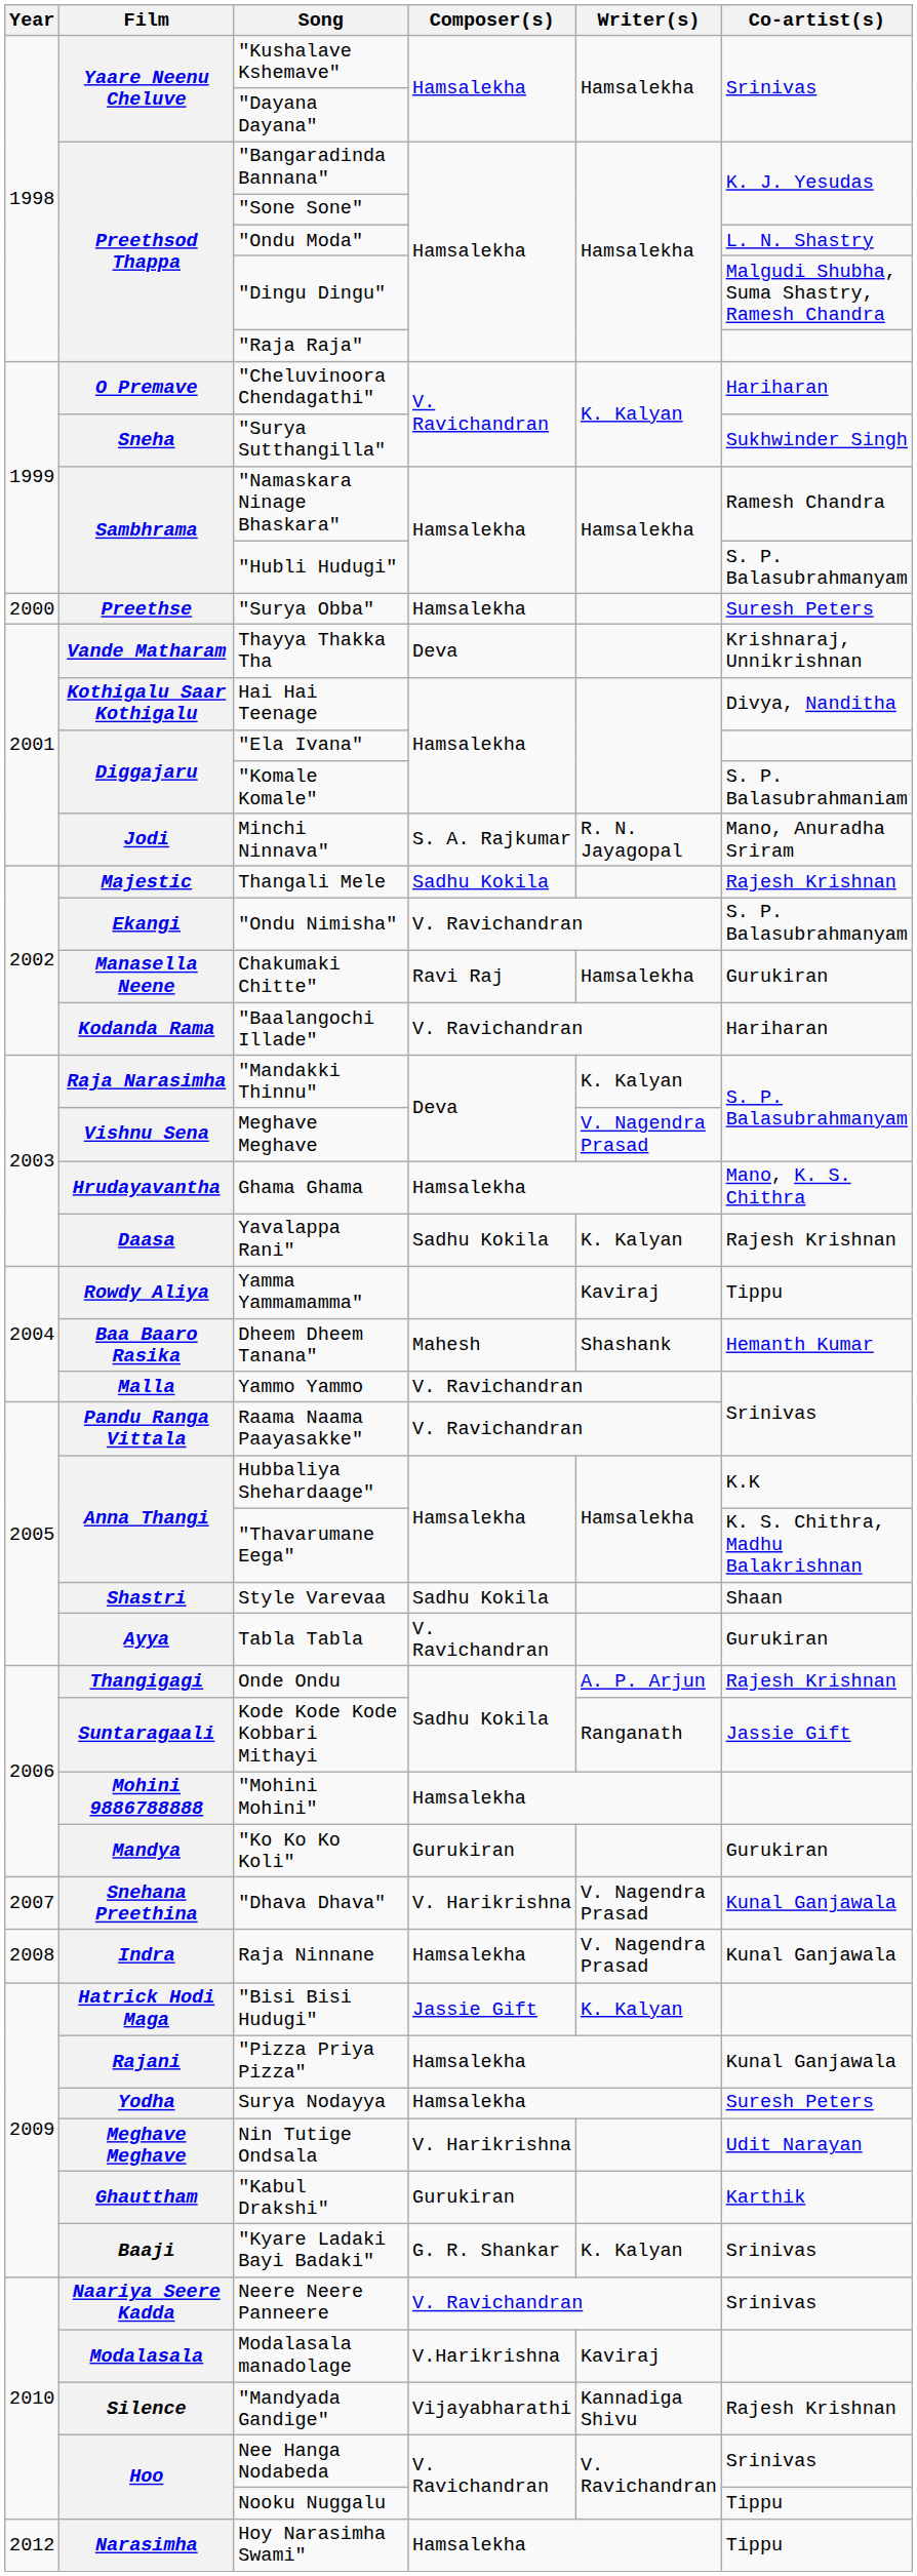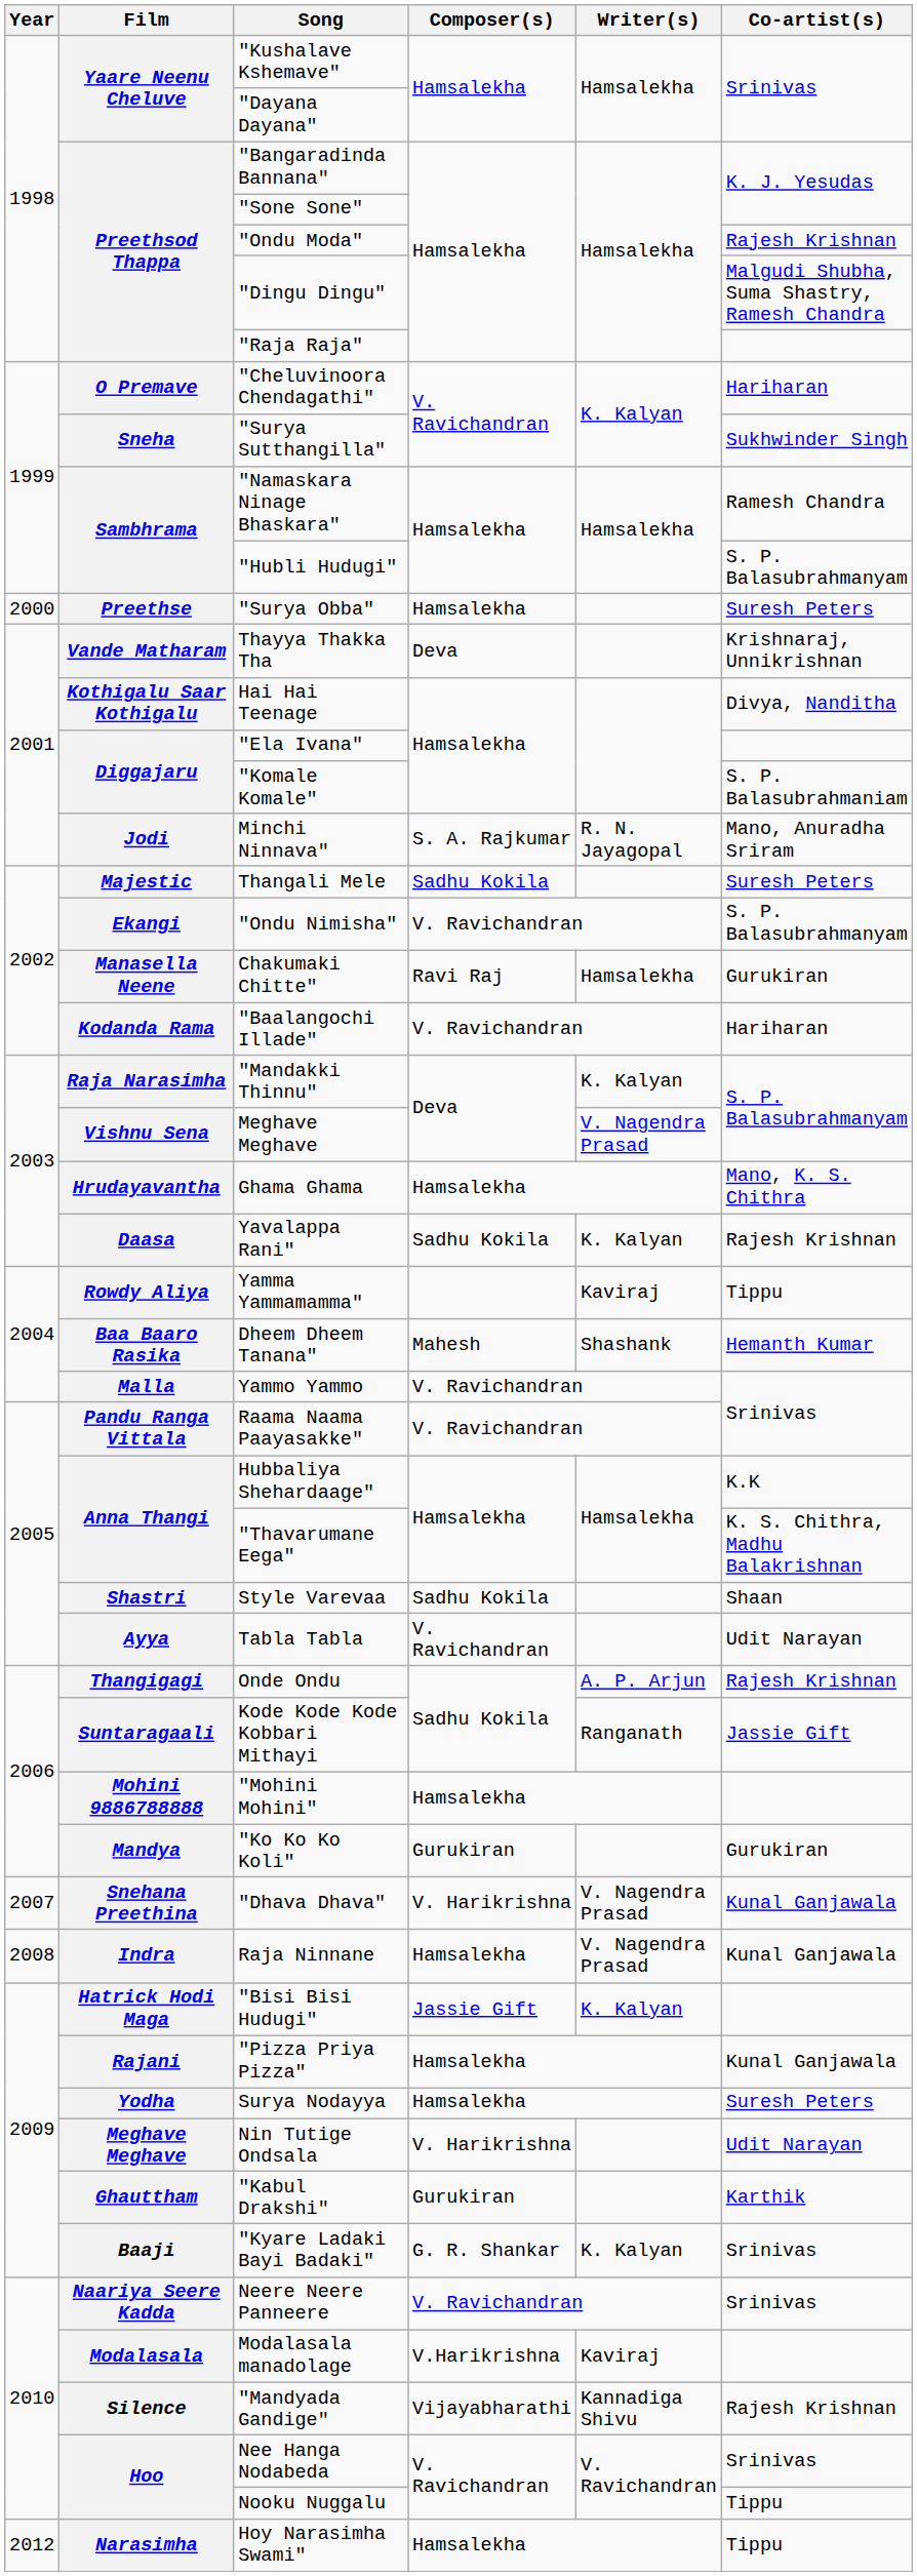 <table class="wikitable plainrowheaders" width="100%" textcolor:#000;">
 <tr style="background:#b0e0e66;">
 <th scope="col" width=5%><strong>Year</strong></th>
 <th scope="col" width=23%><strong>Film</strong></th>
 <th scope="col" width=23%><strong>Song</strong></th>
 <th scope="col" width=15%><strong>Composer(s)</strong></th>
 <th scope="col" width=10%><strong>Writer(s)</strong></th>
 <th scope="col" width=20%><strong>Co-artist(s)</strong></th>
 </tr>
 <tr>
 <td rowspan="7">1998</td>
 <th rowspan="2"><em><a href='#'>Yaare Neenu Cheluve</a></em></th>
 <td>"Kushalave Kshemave"</td>
 <td rowspan="2"><a href='#'>Hamsalekha</a></td>
 <td rowspan="2">Hamsalekha</td>
 <td rowspan="2"><a href='#'>Srinivas</a></td>
 </tr>
 <tr>
 <td>"Dayana Dayana"</td>
 </tr>
 <tr>
 <th rowspan="5"><em><a href='#'>Preethsod Thappa</a></em></th>
 <td>"Bangaradinda Bannana"</td>
 <td rowspan="5">Hamsalekha</td>
 <td rowspan="5">Hamsalekha</td>
 <td rowspan="2"><a href='#'>K. J. Yesudas</a></td>
 </tr>
 <tr>
 <td>"Sone Sone"</td>
 </tr>
 <tr>
 <td>"Ondu Moda"</td>
-<td><a href='#'>L. N. Shastry</a></td>
+<td><a href='#'>Rajesh Krishnan</a></td>
 </tr>
 <tr>
 <td>"Dingu Dingu"</td>
 <td><a href='#'>Malgudi Shubha</a>, Suma Shastry, <a href='#'>Ramesh Chandra</a></td>
 </tr>
 <tr>
 <td>"Raja Raja"</td>
 <td></td>
 </tr>
 <tr>
 <td rowspan="4">1999</td>
 <th><em><a href='#'>O Premave</a></em></th>
 <td>"Cheluvinoora Chendagathi"</td>
 <td rowspan="2"><a href='#'>V. Ravichandran</a></td>
 <td rowspan="2"><a href='#'>K. Kalyan</a></td>
 <td><a href='#'>Hariharan</a></td>
 </tr>
 <tr>
 <th><em><a href='#'>Sneha</a></em></th>
 <td>"Surya Sutthangilla"</td>
 <td><a href='#'>Sukhwinder Singh</a></td>
 </tr>
 <tr>
 <th Rowspan=2><em><a href='#'>Sambhrama</a></em></th>
 <td>"Namaskara Ninage Bhaskara"</td>
 <td rowspan="2">Hamsalekha</td>
 <td rowspan="2">Hamsalekha</td>
 <td>Ramesh Chandra</td>
 </tr>
 <tr>
 <td>"Hubli Hudugi"</td>
 <td>S. P. Balasubrahmanyam</td>
 </tr>
 <tr>
 <td>2000</td>
 <th><em><a href='#'>Preethse</a></em></th>
 <td>"Surya Obba"</td>
 <td>Hamsalekha</td>
 <td></td>
 <td><a href='#'>Suresh Peters</a></td>
 </tr>
 <tr>
 <td rowspan="5">2001</td>
 <th><em><a href='#'>Vande Matharam</a></em></th>
 <td>Thayya Thakka Tha</td>
 <td>Deva</td>
 <td></td>
 <td>Krishnaraj, Unnikrishnan</td>
 </tr>
 <tr>
 <th><em><a href='#'>Kothigalu Saar Kothigalu</a></em></th>
 <td>Hai Hai Teenage</td>
 <td rowspan="3">Hamsalekha</td>
 <td rowspan=3></td>
 <td>Divya, <a href='#'>Nanditha</a></td>
 </tr>
 <tr>
 <th rowspan="2"><em><a href='#'>Diggajaru</a></em></th>
 <td>"Ela Ivana"</td>
 <td></td>
 </tr>
 <tr>
 <td>"Komale Komale"</td>
 <td>S. P. Balasubrahmaniam</td>
 </tr>
 <tr>
 <th><em><a href='#'>Jodi</a></em></th>
 <td>Minchi Ninnava"</td>
 <td>S. A. Rajkumar</td>
 <td>R. N. Jayagopal</td>
 <td>Mano, Anuradha Sriram</td>
 </tr>
 <tr>
 <td rowspan="4">2002</td>
 <th><em><a href='#'>Majestic</a></em></th>
 <td>Thangali Mele</td>
 <td><a href='#'>Sadhu Kokila</a></td>
 <td></td>
-<td><a href='#'>Rajesh Krishnan</a></td>
+<td><a href='#'>Suresh Peters</a></td>
 </tr>
 <tr>
 <th><em><a href='#'>Ekangi</a></em></th>
 <td>"Ondu Nimisha"</td>
 <td Colspan="2">V. Ravichandran</td>
 <td>S. P. Balasubrahmanyam</td>
 </tr>
 <tr>
 <th><em><a href='#'>Manasella Neene</a></em></th>
 <td>Chakumaki Chitte"</td>
 <td>Ravi Raj</td>
 <td>Hamsalekha</td>
 <td>Gurukiran</td>
 </tr>
 <tr>
 <th><em><a href='#'>Kodanda Rama</a></em></th>
 <td>"Baalangochi Illade"</td>
 <td colspan="2">V. Ravichandran</td>
 <td>Hariharan</td>
 </tr>
 <tr>
 <td rowspan="4">2003</td>
 <th><em><a href='#'>Raja Narasimha</a></em></th>
 <td>"Mandakki Thinnu"</td>
 <td rowspan="2">Deva</td>
 <td>K. Kalyan</td>
 <td rowspan="2"><a href='#'>S. P. Balasubrahmanyam</a></td>
 </tr>
 <tr>
 <th><em><a href='#'>Vishnu Sena</a></em></th>
 <td>Meghave Meghave</td>
 <td><a href='#'>V. Nagendra Prasad</a></td>
 </tr>
 <tr>
 <th><em><a href='#'>Hrudayavantha</a></em></th>
 <td>Ghama Ghama</td>
 <td colspan="2">Hamsalekha</td>
 <td><a href='#'>Mano</a>, <a href='#'>K. S. Chithra</a></td>
 </tr>
 <tr>
 <th><em><a href='#'>Daasa</a></em></th>
 <td>Yavalappa Rani"</td>
 <td>Sadhu Kokila</td>
 <td>K. Kalyan</td>
 <td>Rajesh Krishnan</td>
 </tr>
 <tr>
 <td rowspan="3">2004</td>
 <th><em><a href='#'>Rowdy Aliya</a></em></th>
 <td>Yamma Yammamamma"</td>
 <td></td>
 <td>Kaviraj</td>
 <td>Tippu</td>
 </tr>
 <tr>
 <th><em><a href='#'>Baa Baaro Rasika</a></em></th>
 <td>Dheem Dheem Tanana"</td>
 <td>Mahesh</td>
 <td>Shashank</td>
 <td><a href='#'>Hemanth Kumar</a></td>
 </tr>
 <tr>
 <th><em><a href='#'>Malla</a></em></th>
 <td>Yammo Yammo</td>
 <td colspan="2">V. Ravichandran</td>
 <td rowspan="2">Srinivas</td>
 </tr>
 <tr>
 <td rowspan=5>2005</td>
 <th><em><a href='#'>Pandu Ranga Vittala</a></em></th>
 <td>Raama Naama Paayasakke"</td>
 <td colspan="2">V. Ravichandran</td>
 </tr>
 <tr>
 <th Rowspan=2><em><a href='#'>Anna Thangi</a></em></th>
 <td>Hubbaliya Shehardaage"</td>
 <td rowspan=2>Hamsalekha</td>
 <td rowspan=2>Hamsalekha</td>
 <td>K.K</td>
 </tr>
 <tr>
 <td>"Thavarumane Eega"</td>
 <td>K. S. Chithra, <a href='#'>Madhu Balakrishnan</a></td>
 </tr>
 <tr>
 <th><em><a href='#'>Shastri</a></em></th>
 <td>Style Varevaa</td>
 <td>Sadhu Kokila</td>
 <td></td>
 <td>Shaan</td>
 </tr>
 <tr>
 <th><em><a href='#'>Ayya</a></em></th>
 <td>Tabla Tabla</td>
 <td>V. Ravichandran</td>
 <td></td>
-<td>Gurukiran</td>
+<td>Udit Narayan</td>
 </tr>
 <tr>
 <td rowspan="4">2006</td>
 <th><em><a href='#'>Thangigagi</a></em></th>
 <td>Onde Ondu</td>
 <td rowspan="2">Sadhu Kokila</td>
 <td><a href='#'>A. P. Arjun</a></td>
 <td><a href='#'>Rajesh Krishnan</a></td>
 </tr>
 <tr>
 <th><em><a href='#'>Suntaragaali</a></em></th>
 <td>Kode Kode Kode Kobbari Mithayi</td>
 <td>Ranganath</td>
 <td><a href='#'>Jassie Gift</a></td>
 </tr>
 <tr>
 <th><em><a href='#'>Mohini 9886788888</a></em></th>
 <td>"Mohini Mohini"</td>
 <td colspan="2">Hamsalekha</td>
 <td></td>
 </tr>
 <tr>
 <th><em><a href='#'>Mandya</a></em></th>
 <td>"Ko Ko Ko Koli"</td>
 <td>Gurukiran</td>
 <td></td>
 <td>Gurukiran</td>
 </tr>
 <tr>
 <td>2007</td>
 <th><em><a href='#'>Snehana Preethina</a></em></th>
 <td>"Dhava Dhava"</td>
 <td>V. Harikrishna</td>
 <td>V. Nagendra Prasad</td>
 <td><a href='#'>Kunal Ganjawala</a></td>
 </tr>
 <tr>
 <td>2008</td>
 <th><em><a href='#'>Indra</a></em></th>
 <td>Raja Ninnane</td>
 <td>Hamsalekha</td>
 <td>V. Nagendra Prasad</td>
 <td>Kunal Ganjawala</td>
 </tr>
 <tr>
 <td rowspan="6">2009</td>
 <th><em><a href='#'>Hatrick Hodi Maga</a></em></th>
 <td>"Bisi Bisi Hudugi"</td>
 <td><a href='#'>Jassie Gift</a></td>
 <td><a href='#'>K. Kalyan</a></td>
 <td></td>
 </tr>
 <tr>
 <th><em><a href='#'>Rajani</a></em></th>
 <td>"Pizza Priya Pizza"</td>
 <td colspan="2">Hamsalekha</td>
 <td>Kunal Ganjawala</td>
 </tr>
 <tr>
 <th><em><a href='#'>Yodha</a></em></th>
 <td>Surya Nodayya</td>
 <td colspan="2">Hamsalekha</td>
 <td><a href='#'>Suresh Peters</a></td>
 </tr>
 <tr>
 <th><em><a href='#'>Meghave Meghave</a></em></th>
 <td>Nin Tutige Ondsala</td>
 <td>V. Harikrishna</td>
 <td></td>
 <td><a href='#'>Udit Narayan</a></td>
 </tr>
 <tr>
 <th><em><a href='#'>Ghauttham</a></em></th>
 <td>"Kabul Drakshi"</td>
 <td>Gurukiran</td>
 <td></td>
 <td><a href='#'>Karthik</a></td>
 </tr>
 <tr>
 <th><em>Baaji</em></th>
 <td>"Kyare Ladaki Bayi Badaki"</td>
 <td>G. R. Shankar</td>
 <td>K. Kalyan</td>
 <td>Srinivas</td>
 </tr>
 <tr>
 <td rowspan="5">2010</td>
 <th><em><a href='#'>Naariya Seere Kadda</a></em></th>
 <td>Neere Neere Panneere</td>
 <td colspan="2"><a href='#'>V. Ravichandran</a></td>
 <td>Srinivas</td>
 </tr>
 <tr>
 <th><em><a href='#'>Modalasala</a></em></th>
 <td>Modalasala manadolage</td>
 <td>V.Harikrishna</td>
 <td>Kaviraj</td>
 </tr>
 <tr>
 <th><em>Silence</em></th>
 <td>"Mandyada Gandige"</td>
 <td>Vijayabharathi</td>
 <td>Kannadiga Shivu</td>
 <td>Rajesh Krishnan</td>
 </tr>
 <tr>
 <th Rowspan=2><em><a href='#'>Hoo</a></em></th>
 <td>Nee Hanga Nodabeda</td>
 <td rowspan=2>V. Ravichandran</td>
 <td rowspan=2>V. Ravichandran</td>
 <td>Srinivas</td>
 </tr>
 <tr>
 <td>Nooku Nuggalu</td>
 <td>Tippu</td>
 </tr>
 <tr>
 <td>2012</td>
 <th><em><a href='#'>Narasimha</a></em></th>
 <td>Hoy Narasimha Swami"</td>
 <td colspan="2">Hamsalekha</td>
 <td>Tippu</td>
 </tr>
 <tr>
 </tr>
 </table>
